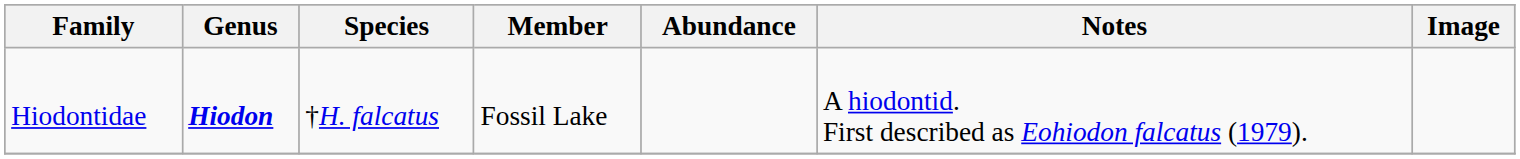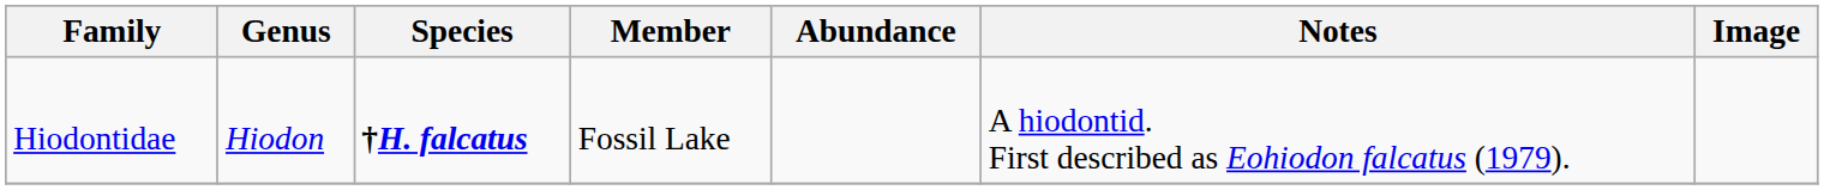 <table class="wikitable" style="margin:auto;width:100%;">
 <tr>
 <th>Family</th>
 <th>Genus</th>
 <th>Species</th>
 <th>Member</th>
 <th>Abundance</th>
 <th>Notes</th>
 <th>Image</th>
 </tr>
 <tr>
 <td><br><a href='#'>Hiodontidae</a></td>
-<td><strong><br><em><a href='#'>Hiodon</a></em></strong></td>
-<td><br>†<em><a href='#'>H. falcatus</a></em> </td>
+<td><br><em><a href='#'>Hiodon</a></em></td>
+<td><strong><br>†<em><a href='#'>H. falcatus</a></em> </strong></td>
 <td><br>Fossil Lake</td>
 <td></td>
 <td><br>A <a href='#'>hiodontid</a>.<br>First described as <em><a href='#'>Eohiodon falcatus</a></em> (<a href='#'>1979</a>).</td>
 <td><br></td>
 </tr>
 <tr>
 </tr>
 </table>
